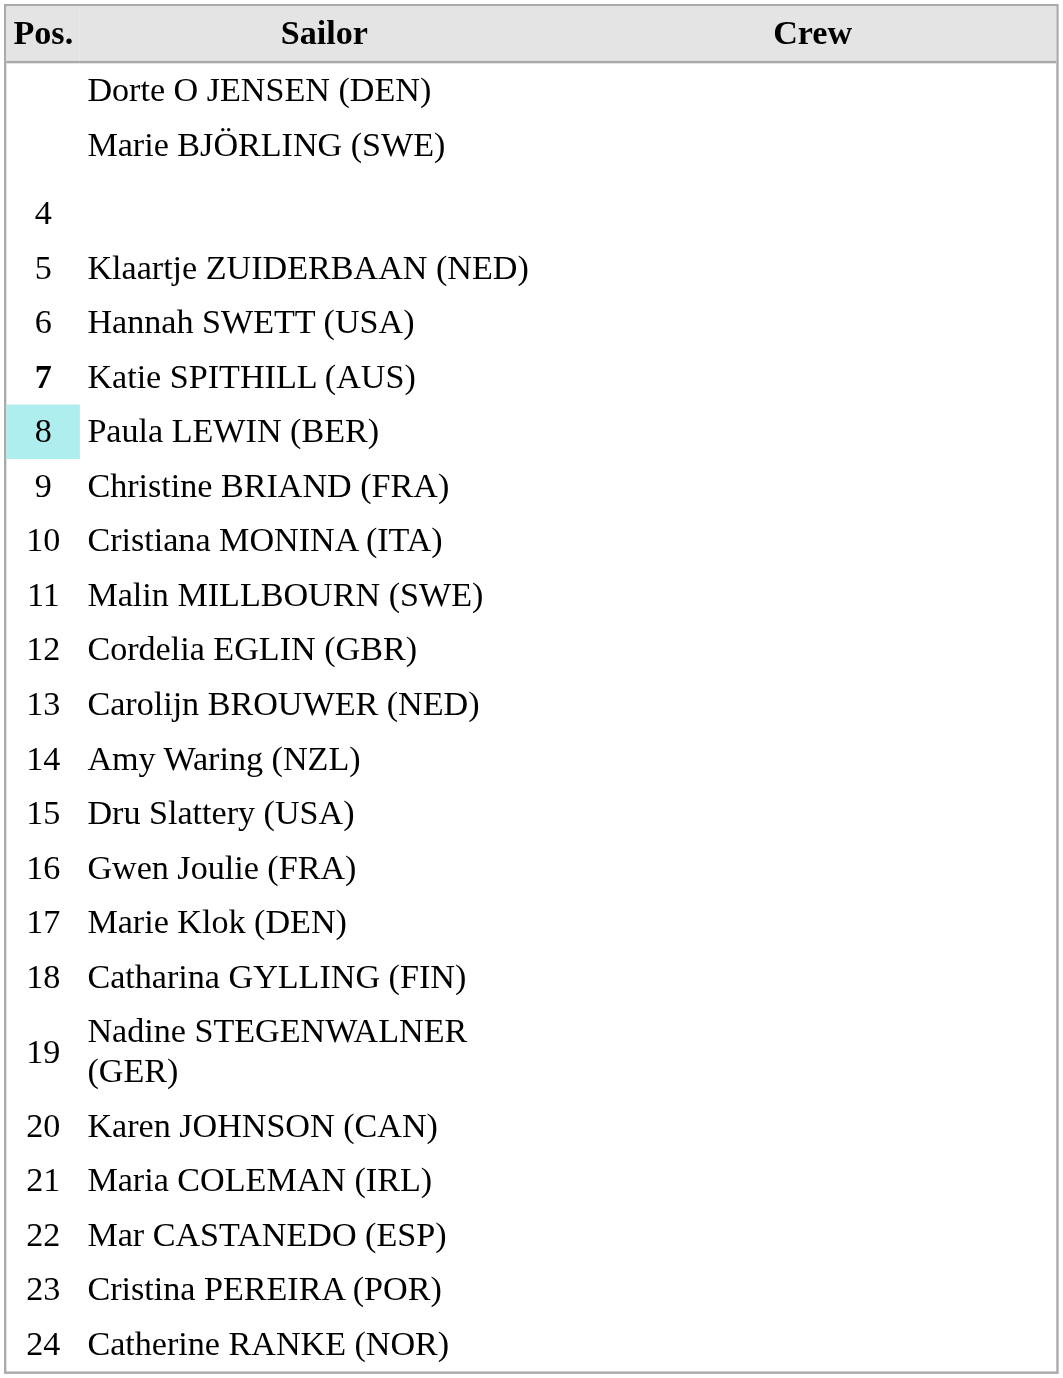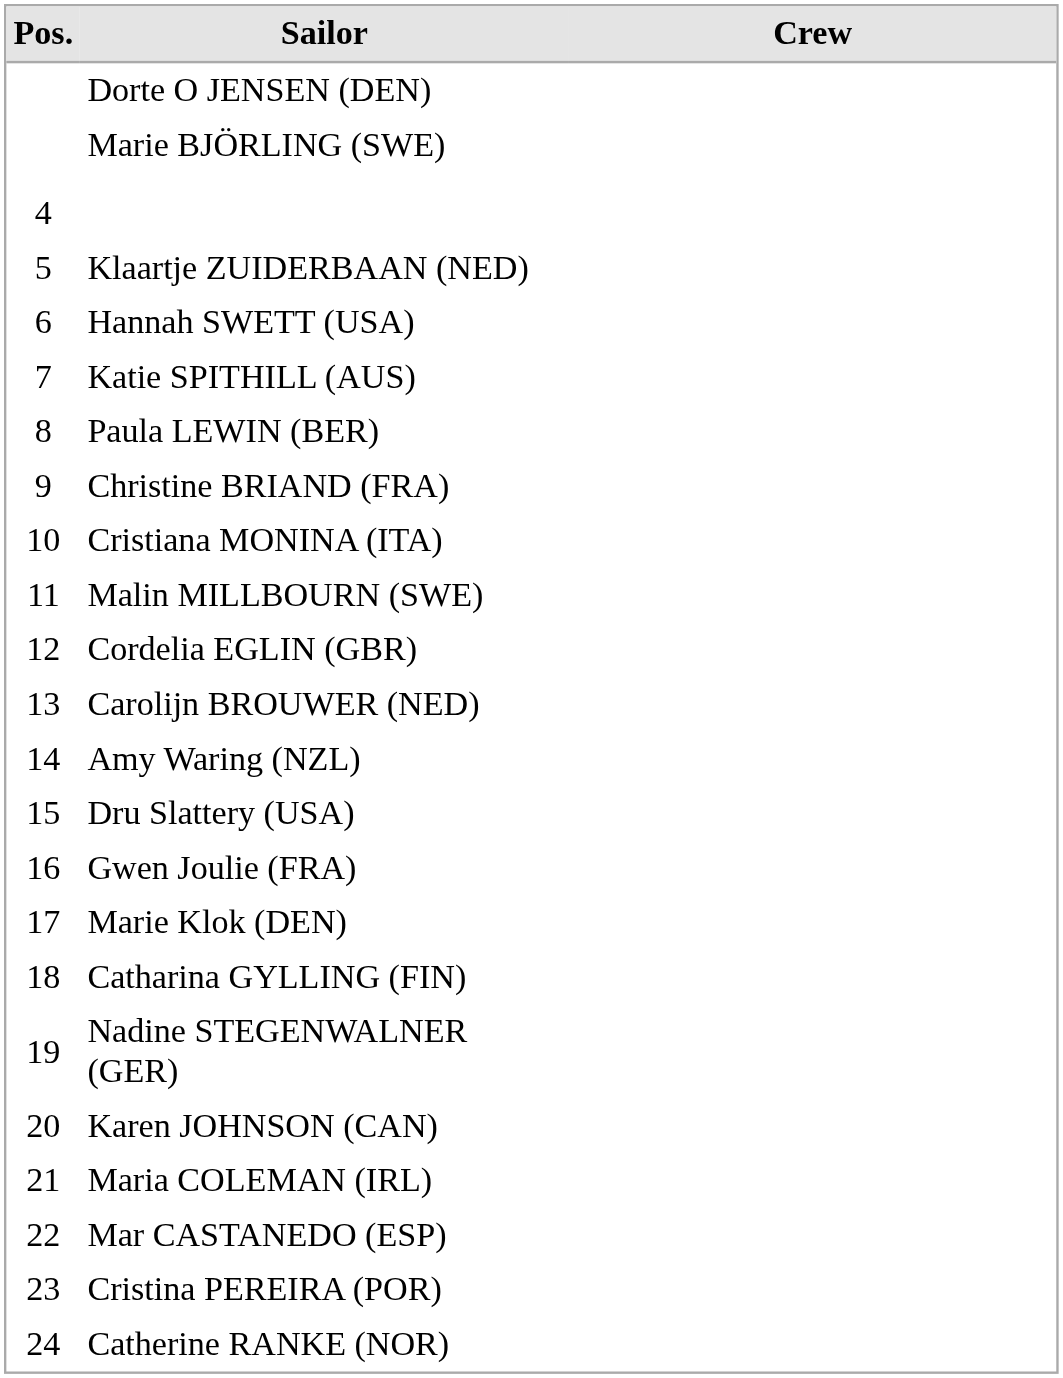 <table cellspacing="0" cellpadding="3" style="border:1px solid #AAAAAA;font-size:90%">
 <tr bgcolor="#E4E4E4">
 <th style="border-bottom:1px solid #AAAAAA" width=10>Pos.</th>
 <th style="border-bottom:1px solid #AAAAAA" width=200>Sailor</th>
 <th style="border-bottom:1px solid #AAAAAA" width=200>Crew</th>
 </tr>
 <tr>
 <td align="center"></td>
 <td>Dorte O JENSEN (DEN)</td>
 <td></td>
 </tr>
 <tr>
 <td align="center"></td>
 <td>Marie BJÖRLING (SWE)</td>
 <td></td>
 </tr>
 <tr>
 <td align="center"></td>
 <td></td>
 <td></td>
 </tr>
 <tr>
 <td align="center">4</td>
 <td></td>
 <td></td>
 </tr>
 <tr>
 <td align="center">5</td>
 <td>Klaartje ZUIDERBAAN (NED)</td>
 <td></td>
 </tr>
 <tr>
 <td align="center">6</td>
 <td>Hannah SWETT (USA)</td>
 <td></td>
 </tr>
 <tr>
-<td align="center"><strong>7</strong></td>
+<td align="center">7</td>
 <td>Katie SPITHILL (AUS)</td>
 <td></td>
 </tr>
 <tr>
-<td align="center" style="background: paleturquoise;">8</td>
+<td align="center">8</td>
 <td>Paula LEWIN (BER)</td>
 <td></td>
 </tr>
 <tr>
 <td align="center">9</td>
 <td>Christine BRIAND (FRA)</td>
 <td></td>
 </tr>
 <tr>
 <td align="center">10</td>
 <td>Cristiana MONINA (ITA)</td>
 <td></td>
 </tr>
 <tr>
 <td align="center">11</td>
 <td>Malin MILLBOURN (SWE)</td>
 <td></td>
 </tr>
 <tr>
 <td align="center">12</td>
 <td>Cordelia EGLIN (GBR)</td>
 <td></td>
 </tr>
 <tr>
 <td align="center">13</td>
 <td>Carolijn BROUWER (NED)</td>
 <td></td>
 </tr>
 <tr>
 <td align="center">14</td>
 <td>Amy Waring (NZL)</td>
 <td></td>
 </tr>
 <tr>
 <td align="center">15</td>
 <td>Dru Slattery (USA)</td>
 <td></td>
 </tr>
 <tr>
 <td align="center">16</td>
 <td>Gwen Joulie (FRA)</td>
 <td></td>
 </tr>
 <tr>
 <td align="center">17</td>
 <td>Marie Klok (DEN)</td>
 <td></td>
 </tr>
 <tr>
 <td align="center">18</td>
 <td>Catharina GYLLING (FIN)</td>
 <td></td>
 </tr>
 <tr>
 <td align="center">19</td>
 <td>Nadine STEGENWALNER (GER)</td>
 <td></td>
 </tr>
 <tr>
 <td align="center">20</td>
 <td>Karen JOHNSON (CAN)</td>
 <td></td>
 </tr>
 <tr>
 <td align="center">21</td>
 <td>Maria COLEMAN (IRL)</td>
 <td></td>
 </tr>
 <tr>
 <td align="center">22</td>
 <td>Mar CASTANEDO (ESP)</td>
 <td></td>
 </tr>
 <tr>
 <td align="center">23</td>
 <td>Cristina PEREIRA (POR)</td>
 <td></td>
 </tr>
 <tr>
 <td align="center">24</td>
 <td>Catherine RANKE (NOR)</td>
 <td></td>
 </tr>
 <tr>
 </tr>
 </table>
